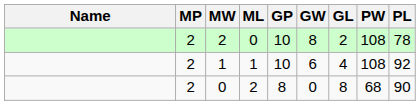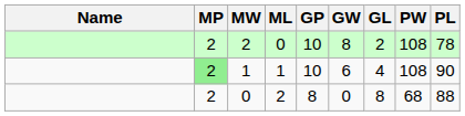 <table class=wikitable style="text-align:center">
 <tr>
 <th width=175>Name</th>
 <th width=20>MP</th>
 <th width=20>MW</th>
 <th width=20>ML</th>
 <th width=20>GP</th>
 <th width=20>GW</th>
 <th width=20>GL</th>
 <th width=20>PW</th>
 <th width=20>PL</th>
 </tr>
 <tr style="background-color:#ccffcc;">
 <td style="text-align:left;"><strong></strong></td>
 <td>2</td>
 <td>2</td>
 <td>0</td>
 <td>10</td>
 <td>8</td>
 <td>2</td>
 <td>108</td>
 <td>78</td>
 </tr>
 <tr>
 <td style="text-align:left;"></td>
-<td>2</td>
+<td style="background: lightgreen;">2</td>
 <td>1</td>
 <td>1</td>
 <td>10</td>
 <td>6</td>
 <td>4</td>
 <td>108</td>
-<td>92</td>
+<td>90</td>
 </tr>
 <tr>
 <td style="text-align:left;"></td>
 <td>2</td>
 <td>0</td>
 <td>2</td>
 <td>8</td>
 <td>0</td>
 <td>8</td>
 <td>68</td>
-<td>90</td>
+<td>88</td>
 </tr>
 </table>
